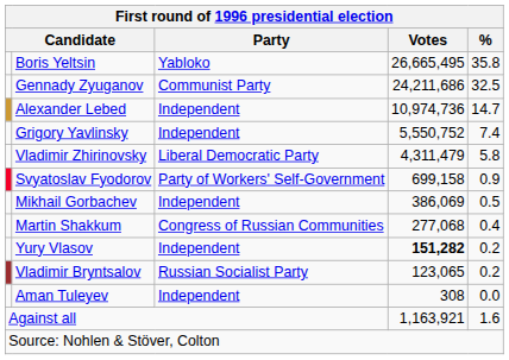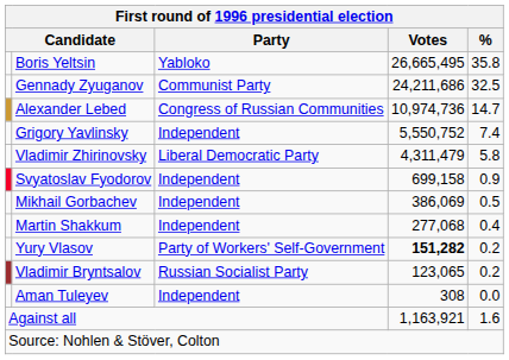 <table class=wikitable style=text-align:right>
 <tr>
 <th colspan=7>First round of <a href='#'>1996 presidential election</a></th>
 </tr>
 <tr>
 <th colspan=2>Candidate</th>
 <th>Party</th>
 <th>Votes</th>
 <th>%</th>
 </tr>
 <tr>
 <td style="background-color: "></td>
 <td align=left><a href='#'>Boris Yeltsin</a></td>
 <td align=left><a href='#'>Yabloko</a></td>
 <td>26,665,495</td>
 <td>35.8</td>
 </tr>
 <tr>
 <td style="background-color: "></td>
 <td align=left><a href='#'>Gennady Zyuganov</a></td>
 <td align=left><a href='#'>Communist Party</a></td>
 <td>24,211,686</td>
 <td>32.5</td>
 </tr>
 <tr>
 <td style="background-color: #CC9933"></td>
 <td align=left><a href='#'>Alexander Lebed</a></td>
-<td align=left><a href='#'>Independent</a></td>
+<td align=left><a href='#'>Congress of Russian Communities</a></td>
 <td>10,974,736</td>
 <td>14.7</td>
 </tr>
 <tr>
 <td style="background-color: "></td>
 <td align=left><a href='#'>Grigory Yavlinsky</a></td>
 <td align=left><a href='#'>Independent</a></td>
 <td>5,550,752</td>
 <td>7.4</td>
 </tr>
 <tr>
 <td style="background-color: "></td>
 <td align=left><a href='#'>Vladimir Zhirinovsky</a></td>
 <td align=left><a href='#'>Liberal Democratic Party</a></td>
 <td>4,311,479</td>
 <td>5.8</td>
 </tr>
 <tr>
 <td style="background-color: #f50029"></td>
 <td align=left><a href='#'>Svyatoslav Fyodorov</a></td>
-<td align=left><a href='#'>Party of Workers' Self-Government</a></td>
+<td align=left><a href='#'>Independent</a></td>
 <td>699,158</td>
 <td>0.9</td>
 </tr>
 <tr>
 <td style="background-color: "></td>
 <td align=left><a href='#'>Mikhail Gorbachev</a></td>
 <td align=left><a href='#'>Independent</a></td>
 <td>386,069</td>
 <td>0.5</td>
 </tr>
 <tr>
 <td style="background-color: "></td>
 <td align=left><a href='#'>Martin Shakkum</a></td>
-<td align=left><a href='#'>Congress of Russian Communities</a></td>
+<td align=left><a href='#'>Independent</a></td>
 <td>277,068</td>
 <td>0.4</td>
 </tr>
 <tr>
 <td style="background-color: "></td>
 <td align=left><a href='#'>Yury Vlasov</a></td>
-<td align=left><a href='#'>Independent</a></td>
+<td align=left><a href='#'>Party of Workers' Self-Government</a></td>
 <td><strong>151,282</strong></td>
 <td>0.2</td>
 </tr>
 <tr>
 <td style="background-color: #9b2d30"></td>
 <td align=left><a href='#'>Vladimir Bryntsalov</a></td>
 <td align=left><a href='#'>Russian Socialist Party</a></td>
 <td>123,065</td>
 <td>0.2</td>
 </tr>
 <tr>
 <td style="background-color: "></td>
 <td align=left><a href='#'>Aman Tuleyev</a></td>
 <td align=left><a href='#'>Independent</a></td>
 <td>308</td>
 <td>0.0</td>
 </tr>
 <tr>
 <td align=left colspan=3><a href='#'>Against all</a></td>
 <td>1,163,921</td>
 <td>1.6</td>
 </tr>
 <tr>
 <td align=left colspan=7>Source: Nohlen & Stöver, Colton</td>
 </tr>
 </table>
